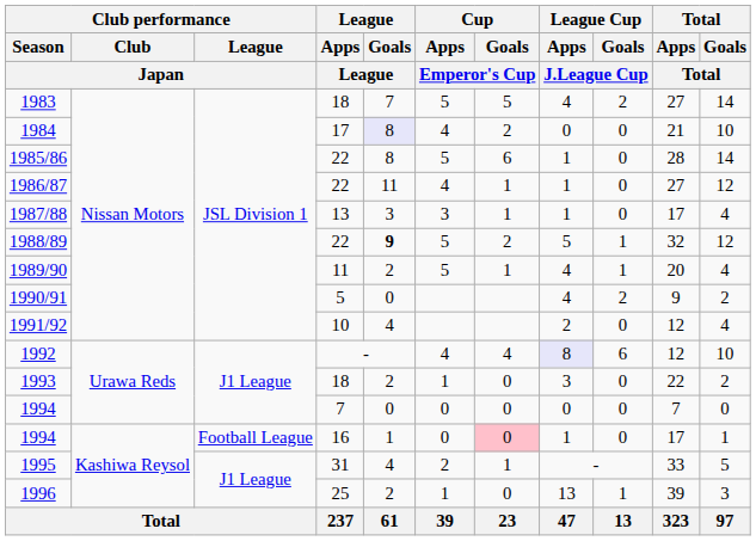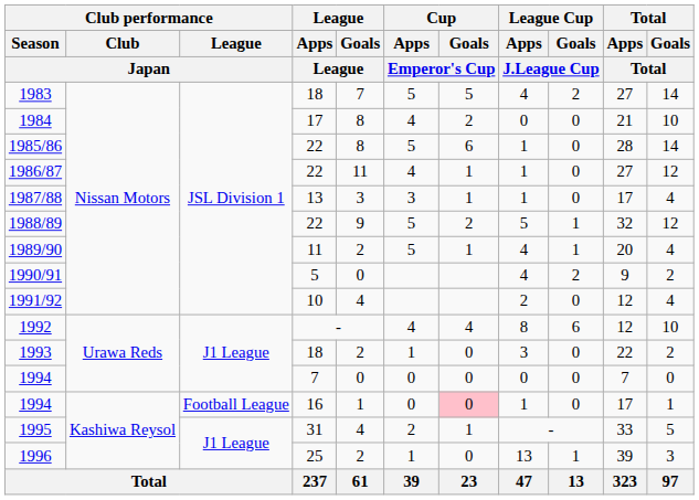 <table class="wikitable" style="text-align:center;">
 <tr>
 <th colspan=3>Club performance</th>
 <th colspan=2>League</th>
 <th colspan=2>Cup</th>
 <th colspan=2>League Cup</th>
 <th colspan=2>Total</th>
 </tr>
 <tr>
 <th>Season</th>
 <th>Club</th>
 <th>League</th>
 <th>Apps</th>
 <th>Goals</th>
 <th>Apps</th>
 <th>Goals</th>
 <th>Apps</th>
 <th>Goals</th>
 <th>Apps</th>
 <th>Goals</th>
 </tr>
 <tr>
 <th colspan=3>Japan</th>
 <th colspan=2>League</th>
 <th colspan=2><a href='#'>Emperor's Cup</a></th>
 <th colspan=2><a href='#'>J.League Cup</a></th>
 <th colspan=2>Total</th>
 </tr>
 <tr>
 <td><a href='#'>1983</a></td>
 <td rowspan="9"><a href='#'>Nissan Motors</a></td>
 <td rowspan="9"><a href='#'>JSL Division 1</a></td>
 <td>18</td>
 <td>7</td>
 <td>5</td>
 <td>5</td>
 <td>4</td>
 <td>2</td>
 <td>27</td>
 <td>14</td>
 </tr>
 <tr>
 <td><a href='#'>1984</a></td>
 <td>17</td>
-<td style="background: lavender;">8</td>
+<td>8</td>
 <td>4</td>
 <td>2</td>
 <td>0</td>
 <td>0</td>
 <td>21</td>
 <td>10</td>
 </tr>
 <tr>
 <td><a href='#'>1985/86</a></td>
 <td>22</td>
 <td>8</td>
 <td>5</td>
 <td>6</td>
 <td>1</td>
 <td>0</td>
 <td>28</td>
 <td>14</td>
 </tr>
 <tr>
 <td><a href='#'>1986/87</a></td>
 <td>22</td>
 <td>11</td>
 <td>4</td>
 <td>1</td>
 <td>1</td>
 <td>0</td>
 <td>27</td>
 <td>12</td>
 </tr>
 <tr>
 <td><a href='#'>1987/88</a></td>
 <td>13</td>
 <td>3</td>
 <td>3</td>
 <td>1</td>
 <td>1</td>
 <td>0</td>
 <td>17</td>
 <td>4</td>
 </tr>
 <tr>
 <td><a href='#'>1988/89</a></td>
 <td>22</td>
-<td><strong>9</strong></td>
+<td>9</td>
 <td>5</td>
 <td>2</td>
 <td>5</td>
 <td>1</td>
 <td>32</td>
 <td>12</td>
 </tr>
 <tr>
 <td><a href='#'>1989/90</a></td>
 <td>11</td>
 <td>2</td>
 <td>5</td>
 <td>1</td>
 <td>4</td>
 <td>1</td>
 <td>20</td>
 <td>4</td>
 </tr>
 <tr>
 <td><a href='#'>1990/91</a></td>
 <td>5</td>
 <td>0</td>
 <td></td>
 <td></td>
 <td>4</td>
 <td>2</td>
 <td>9</td>
 <td>2</td>
 </tr>
 <tr>
 <td><a href='#'>1991/92</a></td>
 <td>10</td>
 <td>4</td>
 <td></td>
 <td></td>
 <td>2</td>
 <td>0</td>
 <td>12</td>
 <td>4</td>
 </tr>
 <tr>
 <td><a href='#'>1992</a></td>
 <td rowspan="3"><a href='#'>Urawa Reds</a></td>
 <td rowspan="3"><a href='#'>J1 League</a></td>
 <td colspan="2">-</td>
 <td>4</td>
 <td>4</td>
-<td style="background: lavender;">8</td>
+<td>8</td>
 <td>6</td>
 <td>12</td>
 <td>10</td>
 </tr>
 <tr>
 <td><a href='#'>1993</a></td>
 <td>18</td>
 <td>2</td>
 <td>1</td>
 <td>0</td>
 <td>3</td>
 <td>0</td>
 <td>22</td>
 <td>2</td>
 </tr>
 <tr>
 <td><a href='#'>1994</a></td>
 <td>7</td>
 <td>0</td>
 <td>0</td>
 <td>0</td>
 <td>0</td>
 <td>0</td>
 <td>7</td>
 <td>0</td>
 </tr>
 <tr>
 <td><a href='#'>1994</a></td>
 <td rowspan="3"><a href='#'>Kashiwa Reysol</a></td>
 <td><a href='#'>Football League</a></td>
 <td>16</td>
 <td>1</td>
 <td>0</td>
 <td style="background: pink;">0</td>
 <td>1</td>
 <td>0</td>
 <td>17</td>
 <td>1</td>
 </tr>
 <tr>
 <td><a href='#'>1995</a></td>
 <td rowspan="2"><a href='#'>J1 League</a></td>
 <td>31</td>
 <td>4</td>
 <td>2</td>
 <td>1</td>
 <td colspan="2">-</td>
 <td>33</td>
 <td>5</td>
 </tr>
 <tr>
 <td><a href='#'>1996</a></td>
 <td>25</td>
 <td>2</td>
 <td>1</td>
 <td>0</td>
 <td>13</td>
 <td>1</td>
 <td>39</td>
 <td>3</td>
 </tr>
 <tr>
 <th colspan=3>Total</th>
 <th>237</th>
 <th>61</th>
 <th>39</th>
 <th>23</th>
 <th>47</th>
 <th>13</th>
 <th>323</th>
 <th>97</th>
 </tr>
 </table>
